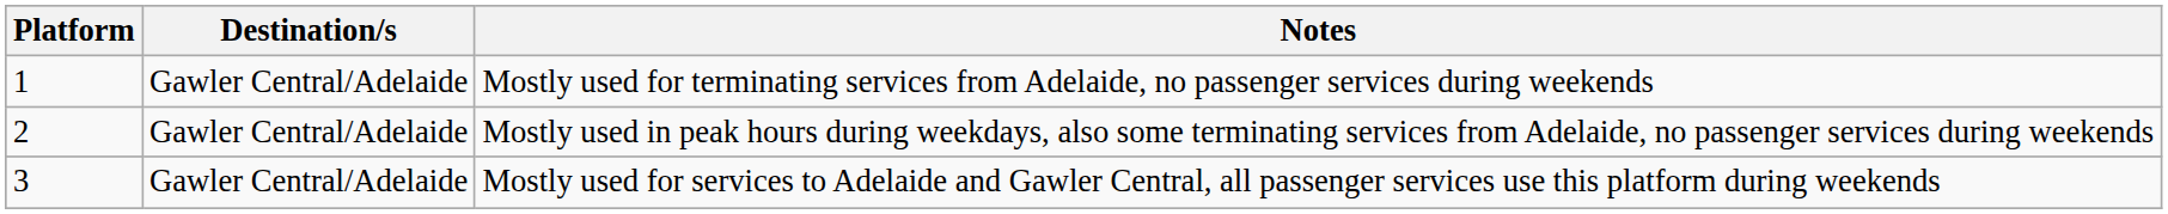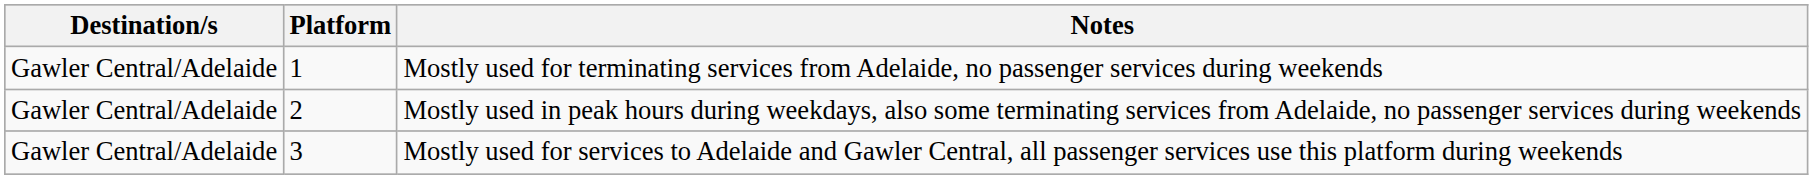 <table class="wikitable">
 <tr>
+<th>Destination/s</th>
 <th>Platform</th>
-<th>Destination/s</th>
 <th>Notes</th>
 </tr>
 <tr>
+<td>Gawler Central/Adelaide</td>
 <td style=background:#><span>1</span></td>
-<td>Gawler Central/Adelaide</td>
 <td>Mostly used for terminating services from Adelaide, no passenger services during weekends</td>
 </tr>
 <tr>
+<td>Gawler Central/Adelaide</td>
 <td style=background:#><span>2</span></td>
-<td>Gawler Central/Adelaide</td>
 <td>Mostly used in peak hours during weekdays, also some terminating services from Adelaide, no passenger services during weekends</td>
 </tr>
 <tr>
+<td>Gawler Central/Adelaide</td>
 <td style=background:#><span>3</span></td>
-<td>Gawler Central/Adelaide</td>
 <td>Mostly used for services to Adelaide and Gawler Central, all passenger services use this platform during weekends</td>
 </tr>
 </table>
